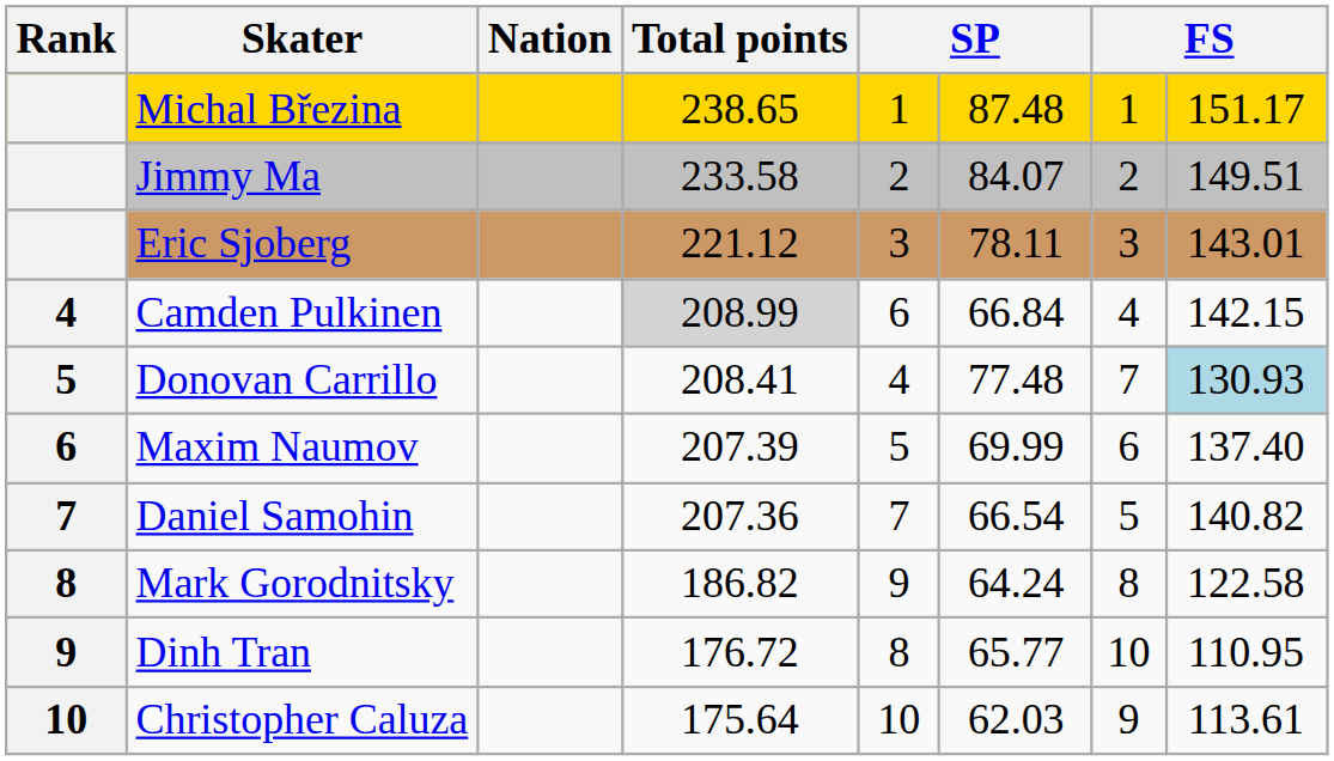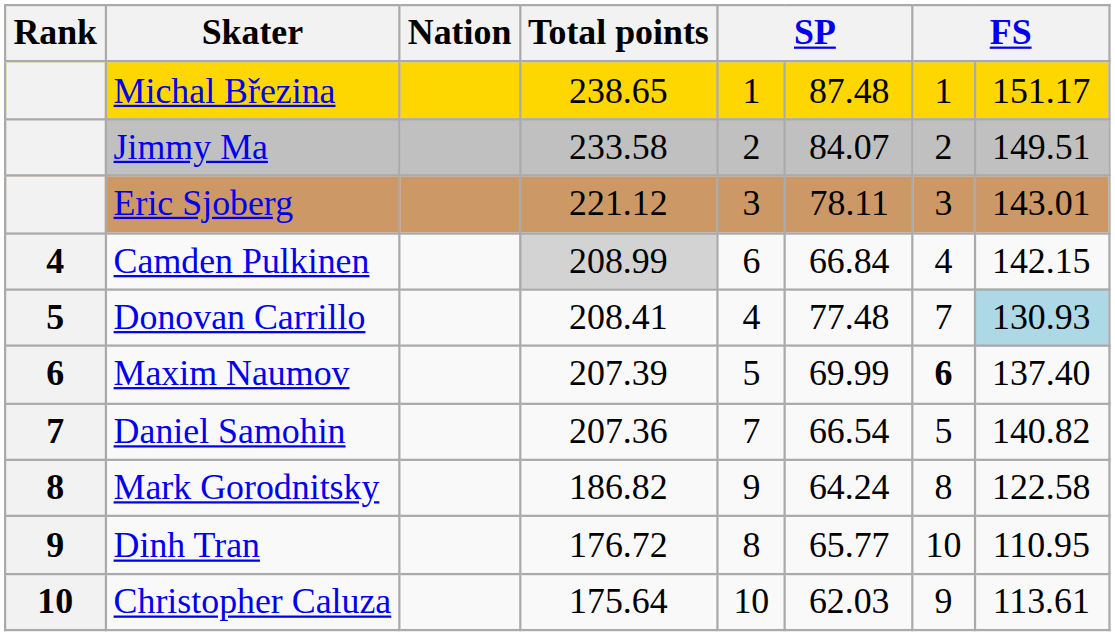 <table class="wikitable sortable" style="text-align:left">
 <tr>
 <th scope="col">Rank</th>
 <th scope="col">Skater</th>
 <th scope="col">Nation</th>
 <th scope="col">Total points</th>
 <th scope="col" colspan="2" width="80px"><a href='#'>SP</a></th>
 <th scope="col" colspan="2" width="80px"><a href='#'>FS</a></th>
 </tr>
 <tr bgcolor="gold">
 <th scope="row"></th>
 <td><a href='#'>Michal Březina</a></td>
 <td></td>
 <td align="center">238.65</td>
 <td align="center">1</td>
 <td align="center">87.48</td>
 <td align="center">1</td>
 <td align="center">151.17</td>
 </tr>
 <tr bgcolor="silver">
 <th scope="row"></th>
 <td><a href='#'>Jimmy Ma</a></td>
 <td></td>
 <td align="center">233.58</td>
 <td align="center">2</td>
 <td align="center">84.07</td>
 <td align="center">2</td>
 <td align="center">149.51</td>
 </tr>
 <tr bgcolor="cc9966">
 <th scope="row"></th>
 <td><a href='#'>Eric Sjoberg</a></td>
 <td></td>
 <td align="center">221.12</td>
 <td align="center">3</td>
 <td align="center">78.11</td>
 <td align="center">3</td>
 <td align="center">143.01</td>
 </tr>
 <tr>
 <th scope="row">4</th>
 <td><a href='#'>Camden Pulkinen</a></td>
 <td></td>
 <td align="center" style="background: lightgrey;">208.99</td>
 <td align="center">6</td>
 <td align="center">66.84</td>
 <td align="center">4</td>
 <td align="center">142.15</td>
 </tr>
 <tr>
 <th scope="row">5</th>
 <td><a href='#'>Donovan Carrillo</a></td>
 <td></td>
 <td align="center">208.41</td>
 <td align="center">4</td>
 <td align="center">77.48</td>
 <td align="center">7</td>
 <td align="center" style="background: lightblue;">130.93</td>
 </tr>
 <tr>
 <th scope="row">6</th>
 <td><a href='#'>Maxim Naumov</a></td>
 <td></td>
 <td align="center">207.39</td>
 <td align="center">5</td>
 <td align="center">69.99</td>
-<td align="center">6</td>
+<td align="center"><strong>6</strong></td>
 <td align="center">137.40</td>
 </tr>
 <tr>
 <th scope="row">7</th>
 <td><a href='#'>Daniel Samohin</a></td>
 <td></td>
 <td align="center">207.36</td>
 <td align="center">7</td>
 <td align="center">66.54</td>
 <td align="center">5</td>
 <td align="center">140.82</td>
 </tr>
 <tr>
 <th scope="row">8</th>
 <td><a href='#'>Mark Gorodnitsky</a></td>
 <td></td>
 <td align="center">186.82</td>
 <td align="center">9</td>
 <td align="center">64.24</td>
 <td align="center">8</td>
 <td align="center">122.58</td>
 </tr>
 <tr>
 <th scope="row">9</th>
 <td><a href='#'>Dinh Tran</a></td>
 <td></td>
 <td align="center">176.72</td>
 <td align="center">8</td>
 <td align="center">65.77</td>
 <td align="center">10</td>
 <td align="center">110.95</td>
 </tr>
 <tr>
 <th scope="row">10</th>
 <td><a href='#'>Christopher Caluza</a></td>
 <td></td>
 <td align="center">175.64</td>
 <td align="center">10</td>
 <td align="center">62.03</td>
 <td align="center">9</td>
 <td align="center">113.61</td>
 </tr>
 </table>
